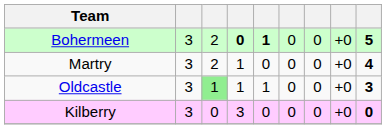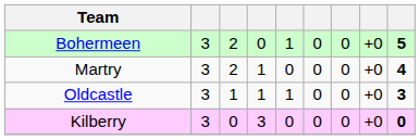 <table class="wikitable" style="text-align:center">
 <tr>
 <th width="175">Team</th>
 <th width="20"></th>
 <th width="20"></th>
 <th width="20"></th>
 <th width="20"></th>
 <th width="20"></th>
 <th width="20"></th>
 <th width="20"></th>
 <th width="20"></th>
 </tr>
 <tr style="background:#cfc;">
 <td><a href='#'>Bohermeen</a></td>
 <td>3</td>
 <td>2</td>
-<td><strong>0</strong></td>
-<td><strong>1</strong></td>
+<td>0</td>
+<td>1</td>
 <td>0</td>
 <td>0</td>
 <td>+0</td>
 <td><strong>5</strong></td>
 </tr>
 <tr>
 <td>Martry</td>
 <td>3</td>
 <td>2</td>
 <td>1</td>
 <td>0</td>
 <td>0</td>
 <td>0</td>
 <td>+0</td>
 <td><strong>4</strong></td>
 </tr>
 <tr>
 <td><a href='#'>Oldcastle</a></td>
 <td>3</td>
-<td style="background: lightgreen;">1</td>
+<td>1</td>
 <td>1</td>
 <td>1</td>
 <td>0</td>
 <td>0</td>
 <td>+0</td>
 <td><strong>3</strong></td>
 </tr>
 <tr style="background:#fcf;">
 <td>Kilberry</td>
 <td>3</td>
 <td>0</td>
 <td>3</td>
 <td>0</td>
 <td>0</td>
 <td>0</td>
 <td>+0</td>
 <td><strong>0</strong></td>
 </tr>
 <tr>
 </tr>
 </table>
